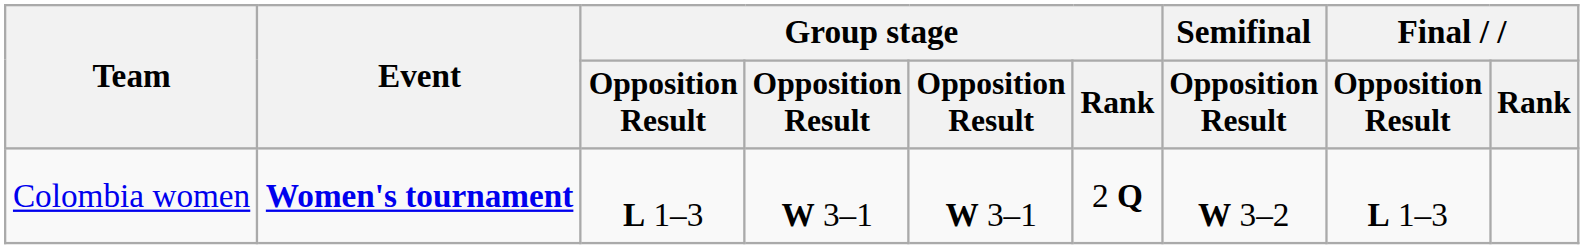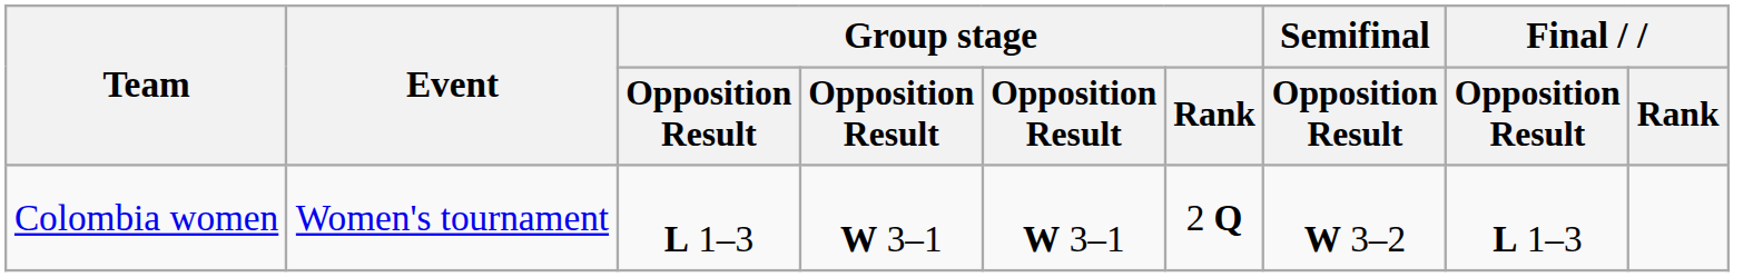 <table class=wikitable style=font-size:90%;text-align:center>
 <tr>
 <th rowspan=2>Team</th>
 <th rowspan=2>Event</th>
 <th colspan=4>Group stage</th>
 <th>Semifinal</th>
 <th colspan=2>Final /  / </th>
 </tr>
 <tr style=font-size:95%>
 <th>Opposition<br>Result</th>
 <th>Opposition<br>Result</th>
 <th>Opposition<br>Result</th>
 <th>Rank</th>
 <th>Opposition<br>Result</th>
 <th>Opposition<br>Result</th>
 <th>Rank</th>
 </tr>
 <tr>
 <td align=left><a href='#'>Colombia women</a></td>
-<td align=left><strong><a href='#'>Women's tournament</a></strong></td>
+<td align=left><a href='#'>Women's tournament</a></td>
 <td><br><strong>L</strong> 1–3</td>
 <td><br><strong>W</strong> 3–1</td>
 <td><br><strong>W</strong> 3–1</td>
 <td>2 <strong>Q</strong></td>
 <td><br><strong>W</strong> 3–2</td>
 <td><br><strong>L</strong> 1–3</td>
 <td></td>
 </tr>
 </table>
